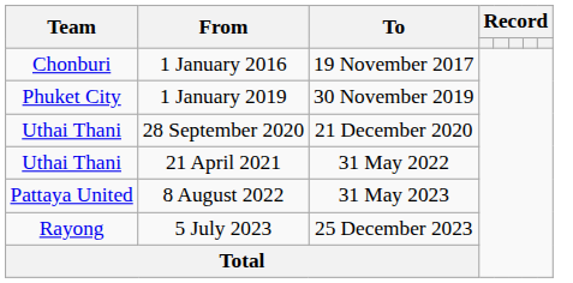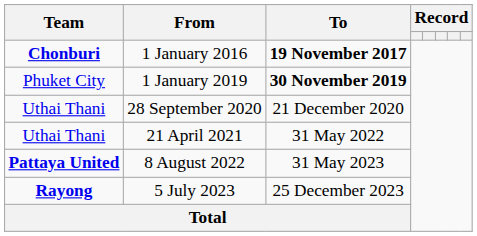 <table class="wikitable" style="text-align: center;">
 <tr>
 <th rowspan="2">Team</th>
 <th rowspan="2">From</th>
 <th rowspan="2">To</th>
 <th colspan="6">Record</th>
 </tr>
 <tr>
 <th></th>
 <th></th>
 <th></th>
 <th></th>
 <th></th>
 </tr>
 <tr>
-<td><a href='#'>Chonburi</a></td>
+<td><strong><a href='#'>Chonburi</a></strong></td>
 <td>1 January 2016</td>
-<td>19 November 2017<br></td>
+<td><strong>19 November 2017<br></strong></td>
 </tr>
 <tr>
 <td><a href='#'>Phuket City</a></td>
 <td>1 January 2019</td>
-<td>30 November 2019<br></td>
+<td><strong>30 November 2019<br></strong></td>
 </tr>
 <tr>
 <td><a href='#'>Uthai Thani</a></td>
 <td>28 September 2020</td>
 <td>21 December 2020<br></td>
 </tr>
 <tr>
 <td><a href='#'>Uthai Thani</a></td>
 <td>21 April 2021</td>
 <td>31 May 2022<br></td>
 </tr>
 <tr>
-<td><a href='#'>Pattaya United</a></td>
+<td><strong><a href='#'>Pattaya United</a></strong></td>
 <td>8 August 2022</td>
 <td>31 May 2023<br></td>
 </tr>
 <tr>
-<td><a href='#'>Rayong</a></td>
+<td><strong><a href='#'>Rayong</a></strong></td>
 <td>5 July 2023</td>
 <td>25 December 2023<br></td>
 </tr>
 <tr>
 <th colspan="3">Total<br></th>
 </tr>
 </table>
